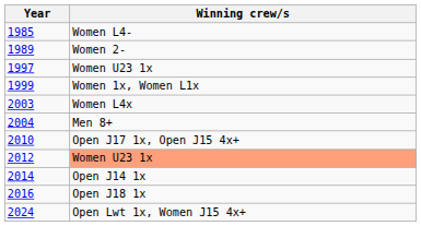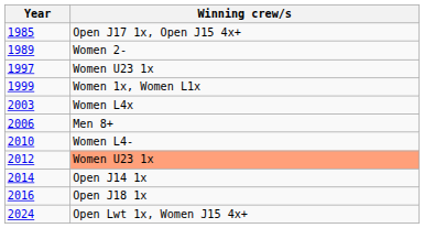 <table class="wikitable">
 <tr>
 <th width=70>Year</th>
 <th width=400>Winning crew/s</th>
 </tr>
 <tr>
 <td><a href='#'>1985</a></td>
-<td>Women L4-</td>
+<td>Open J17 1x, Open J15 4x+</td>
 </tr>
 <tr>
 <td><a href='#'>1989</a></td>
 <td>Women 2-</td>
 </tr>
 <tr>
 <td><a href='#'>1997</a></td>
 <td>Women U23 1x</td>
 </tr>
 <tr>
 <td><a href='#'>1999</a></td>
 <td>Women 1x, Women L1x</td>
 </tr>
 <tr>
 <td><a href='#'>2003</a></td>
 <td>Women L4x</td>
 </tr>
 <tr>
-<td><a href='#'>2004</a></td>
+<td><a href='#'>2006</a></td>
 <td>Men 8+</td>
 </tr>
 <tr>
 <td><a href='#'>2010</a></td>
-<td>Open J17 1x, Open J15 4x+</td>
+<td>Women L4-</td>
 </tr>
 <tr>
 <td><a href='#'>2012</a></td>
 <td style="background: lightsalmon;">Women U23 1x</td>
 </tr>
 <tr>
 <td><a href='#'>2014</a></td>
 <td>Open J14 1x</td>
 </tr>
 <tr>
 <td><a href='#'>2016</a></td>
 <td>Open J18 1x</td>
 </tr>
 <tr>
 <td><a href='#'>2024</a></td>
 <td>Open Lwt 1x, Women J15 4x+</td>
 </tr>
 </table>
